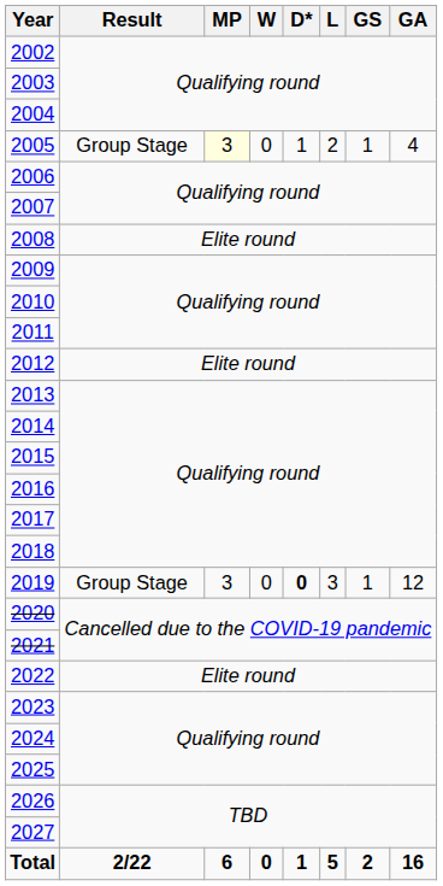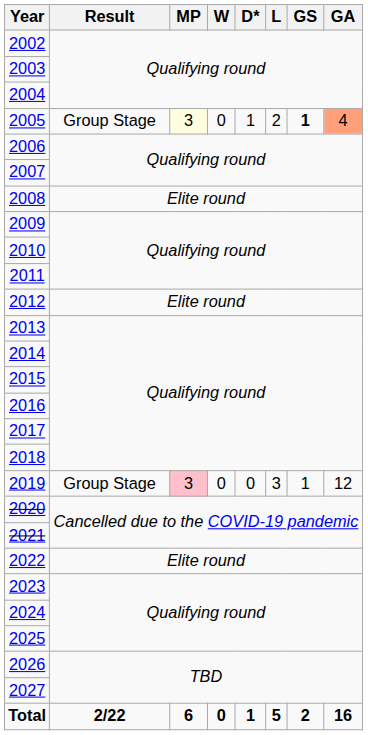 <table class="wikitable" style="text-align: center;">
 <tr>
 <th>Year</th>
 <th>Result</th>
 <th>MP</th>
 <th>W</th>
 <th>D*</th>
 <th>L</th>
 <th>GS</th>
 <th>GA</th>
 </tr>
 <tr>
 <td> <a href='#'>2002</a></td>
 <td rowspan=3 colspan=7><em>Qualifying round</em></td>
 </tr>
 <tr>
 <td> <a href='#'>2003</a></td>
 </tr>
 <tr>
 <td> <a href='#'>2004</a></td>
 </tr>
 <tr>
 <td> <a href='#'>2005</a></td>
 <td>Group Stage</td>
 <td style="background: lightyellow;">3</td>
 <td>0</td>
 <td>1</td>
 <td>2</td>
-<td>1</td>
-<td>4</td>
+<td><strong>1</strong></td>
+<td style="background: lightsalmon;">4</td>
 </tr>
 <tr>
 <td> <a href='#'>2006</a></td>
 <td rowspan=2 colspan=7><em>Qualifying round</em></td>
 </tr>
 <tr>
 <td> <a href='#'>2007</a></td>
 </tr>
 <tr>
 <td> <a href='#'>2008</a></td>
 <td colspan=7><em>Elite round</em></td>
 </tr>
 <tr>
 <td> <a href='#'>2009</a></td>
 <td rowspan=3 colspan=7><em>Qualifying round</em></td>
 </tr>
 <tr>
 <td> <a href='#'>2010</a></td>
 </tr>
 <tr>
 <td> <a href='#'>2011</a></td>
 </tr>
 <tr>
 <td> <a href='#'>2012</a></td>
 <td colspan=7><em>Elite round</em></td>
 </tr>
 <tr>
 <td> <a href='#'>2013</a></td>
 <td rowspan=6 colspan=7><em>Qualifying round</em></td>
 </tr>
 <tr>
 <td> <a href='#'>2014</a></td>
 </tr>
 <tr>
 <td> <a href='#'>2015</a></td>
 </tr>
 <tr>
 <td> <a href='#'>2016</a></td>
 </tr>
 <tr>
 <td> <a href='#'>2017</a></td>
 </tr>
 <tr>
 <td> <a href='#'>2018</a></td>
 </tr>
 <tr>
 <td> <a href='#'>2019</a></td>
 <td>Group Stage</td>
-<td>3</td>
+<td style="background: pink;">3</td>
 <td>0</td>
-<td><strong>0</strong></td>
+<td>0</td>
 <td>3</td>
 <td>1</td>
 <td>12</td>
 </tr>
 <tr>
 <td> <s><a href='#'>2020</a></s></td>
 <td rowspan=2 colspan=7><em>Cancelled due to the <a href='#'>COVID-19 pandemic</a></em></td>
 </tr>
 <tr>
 <td> <s><a href='#'>2021</a></s></td>
 </tr>
 <tr>
 <td> <a href='#'>2022</a></td>
 <td colspan=7><em>Elite round</em></td>
 </tr>
 <tr>
 <td> <a href='#'>2023</a></td>
 <td rowspan=3 colspan=7><em>Qualifying round</em></td>
 </tr>
 <tr>
 <td> <a href='#'>2024</a></td>
 </tr>
 <tr>
 <td> <a href='#'>2025</a></td>
 </tr>
 <tr>
 <td> <a href='#'>2026</a></td>
 <td colspan=8 rowspan=2><em>TBD</em></td>
 </tr>
 <tr>
 <td> <a href='#'>2027</a></td>
 </tr>
 <tr>
 <td><strong>Total</strong></td>
 <td><strong>2/22</strong></td>
 <td><strong>6</strong></td>
 <td><strong>0</strong></td>
 <td><strong>1</strong></td>
 <td><strong>5</strong></td>
 <td><strong>2</strong></td>
 <td><strong>16</strong></td>
 </tr>
 </table>
